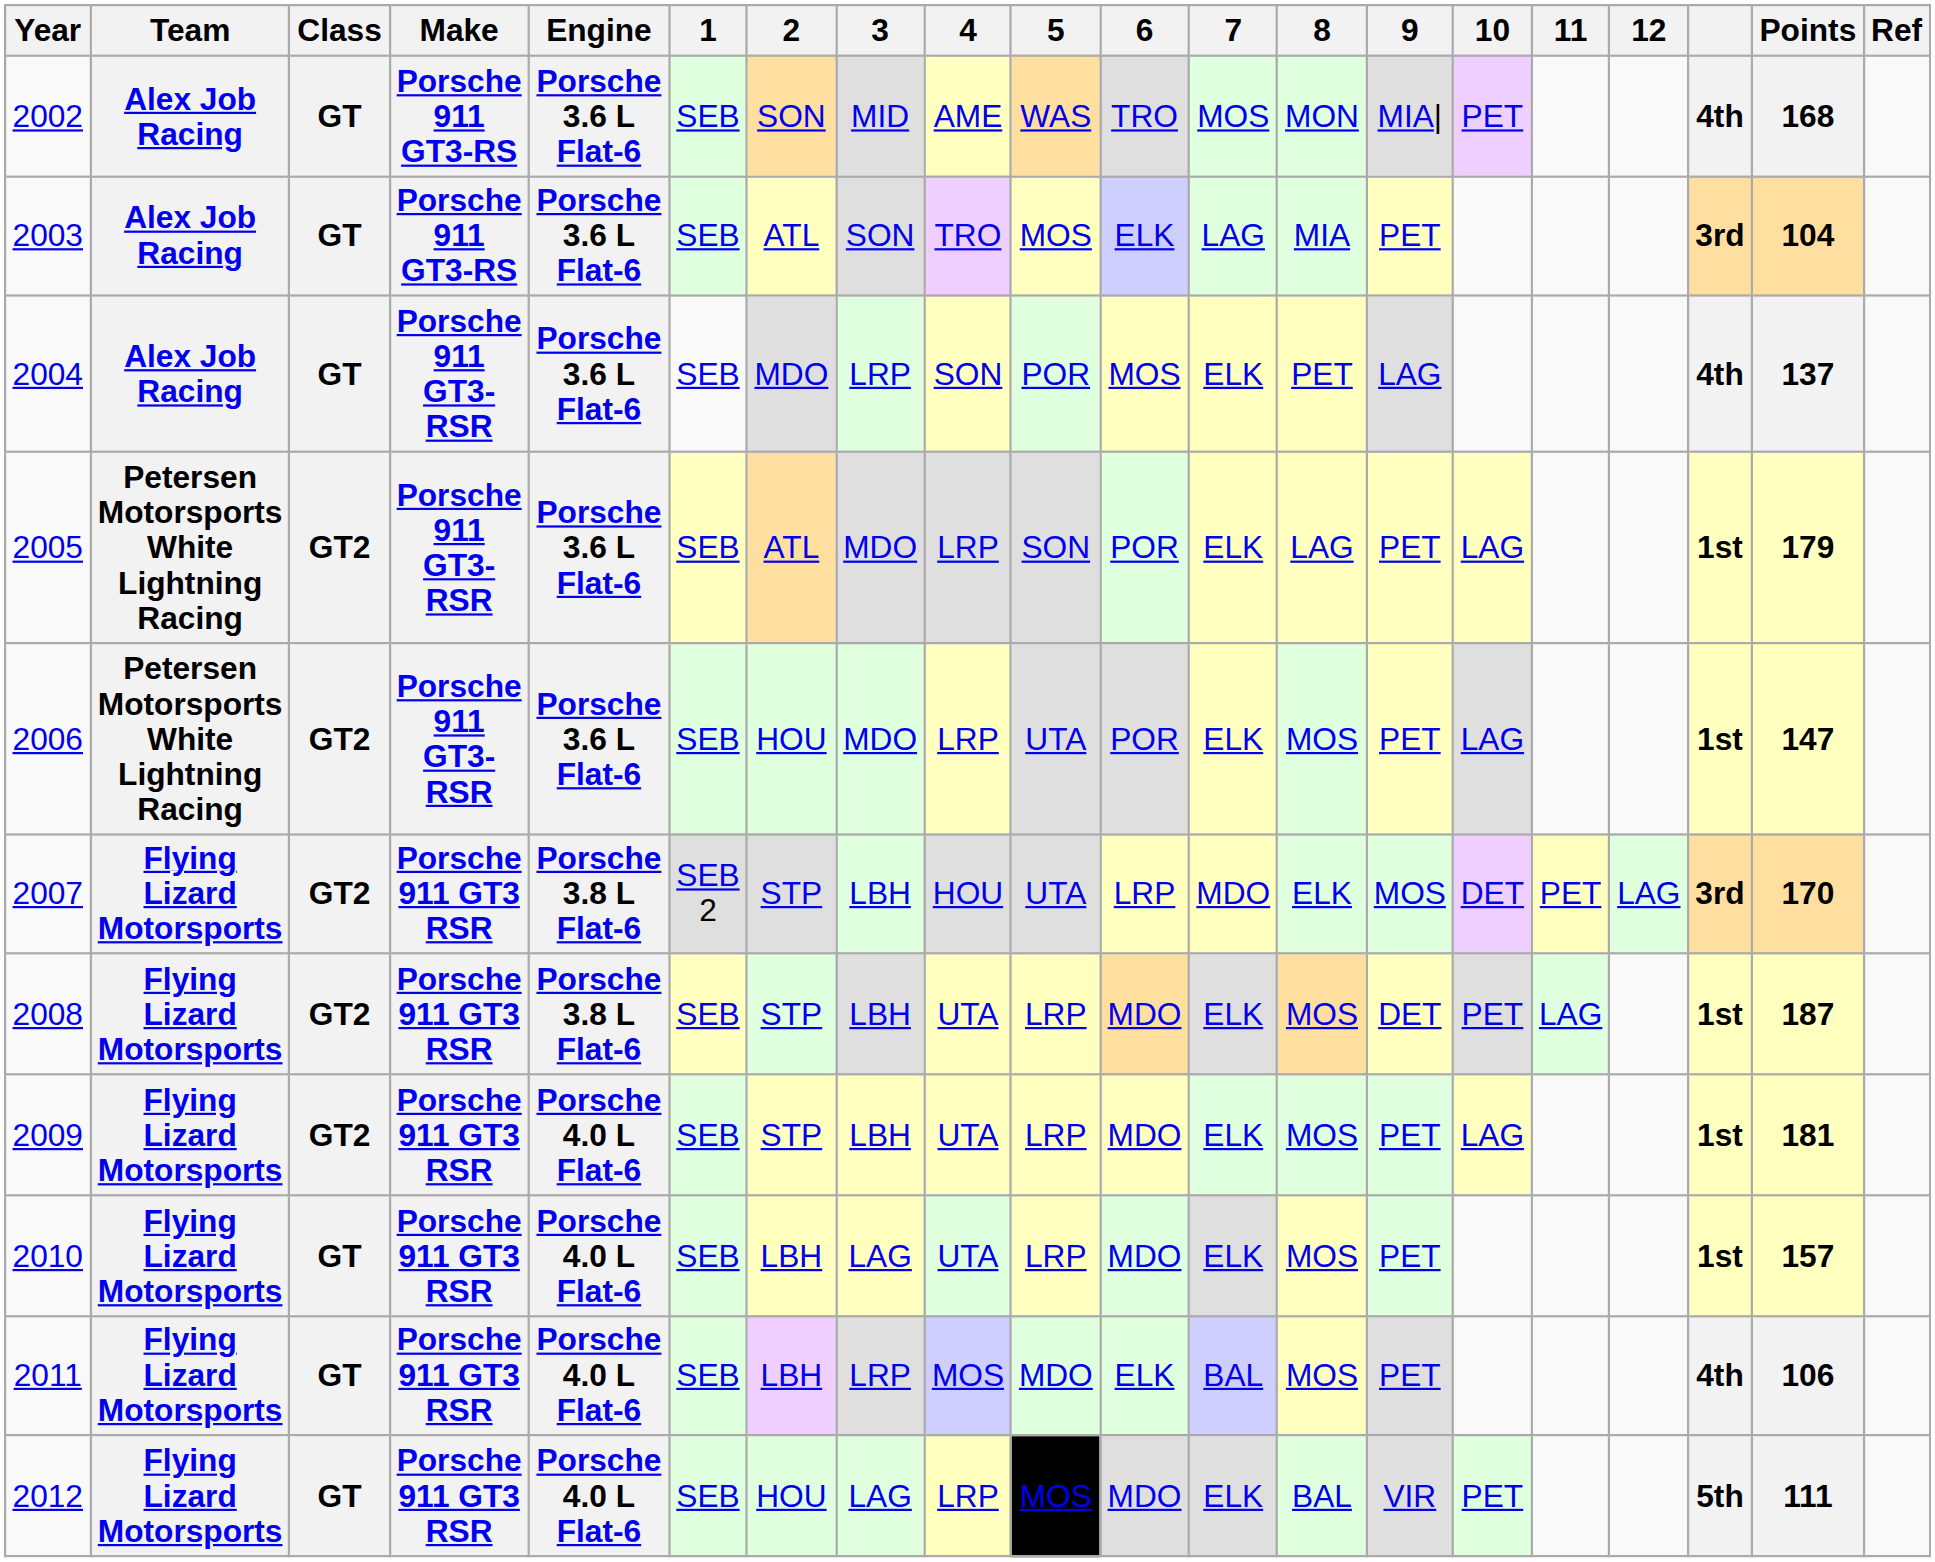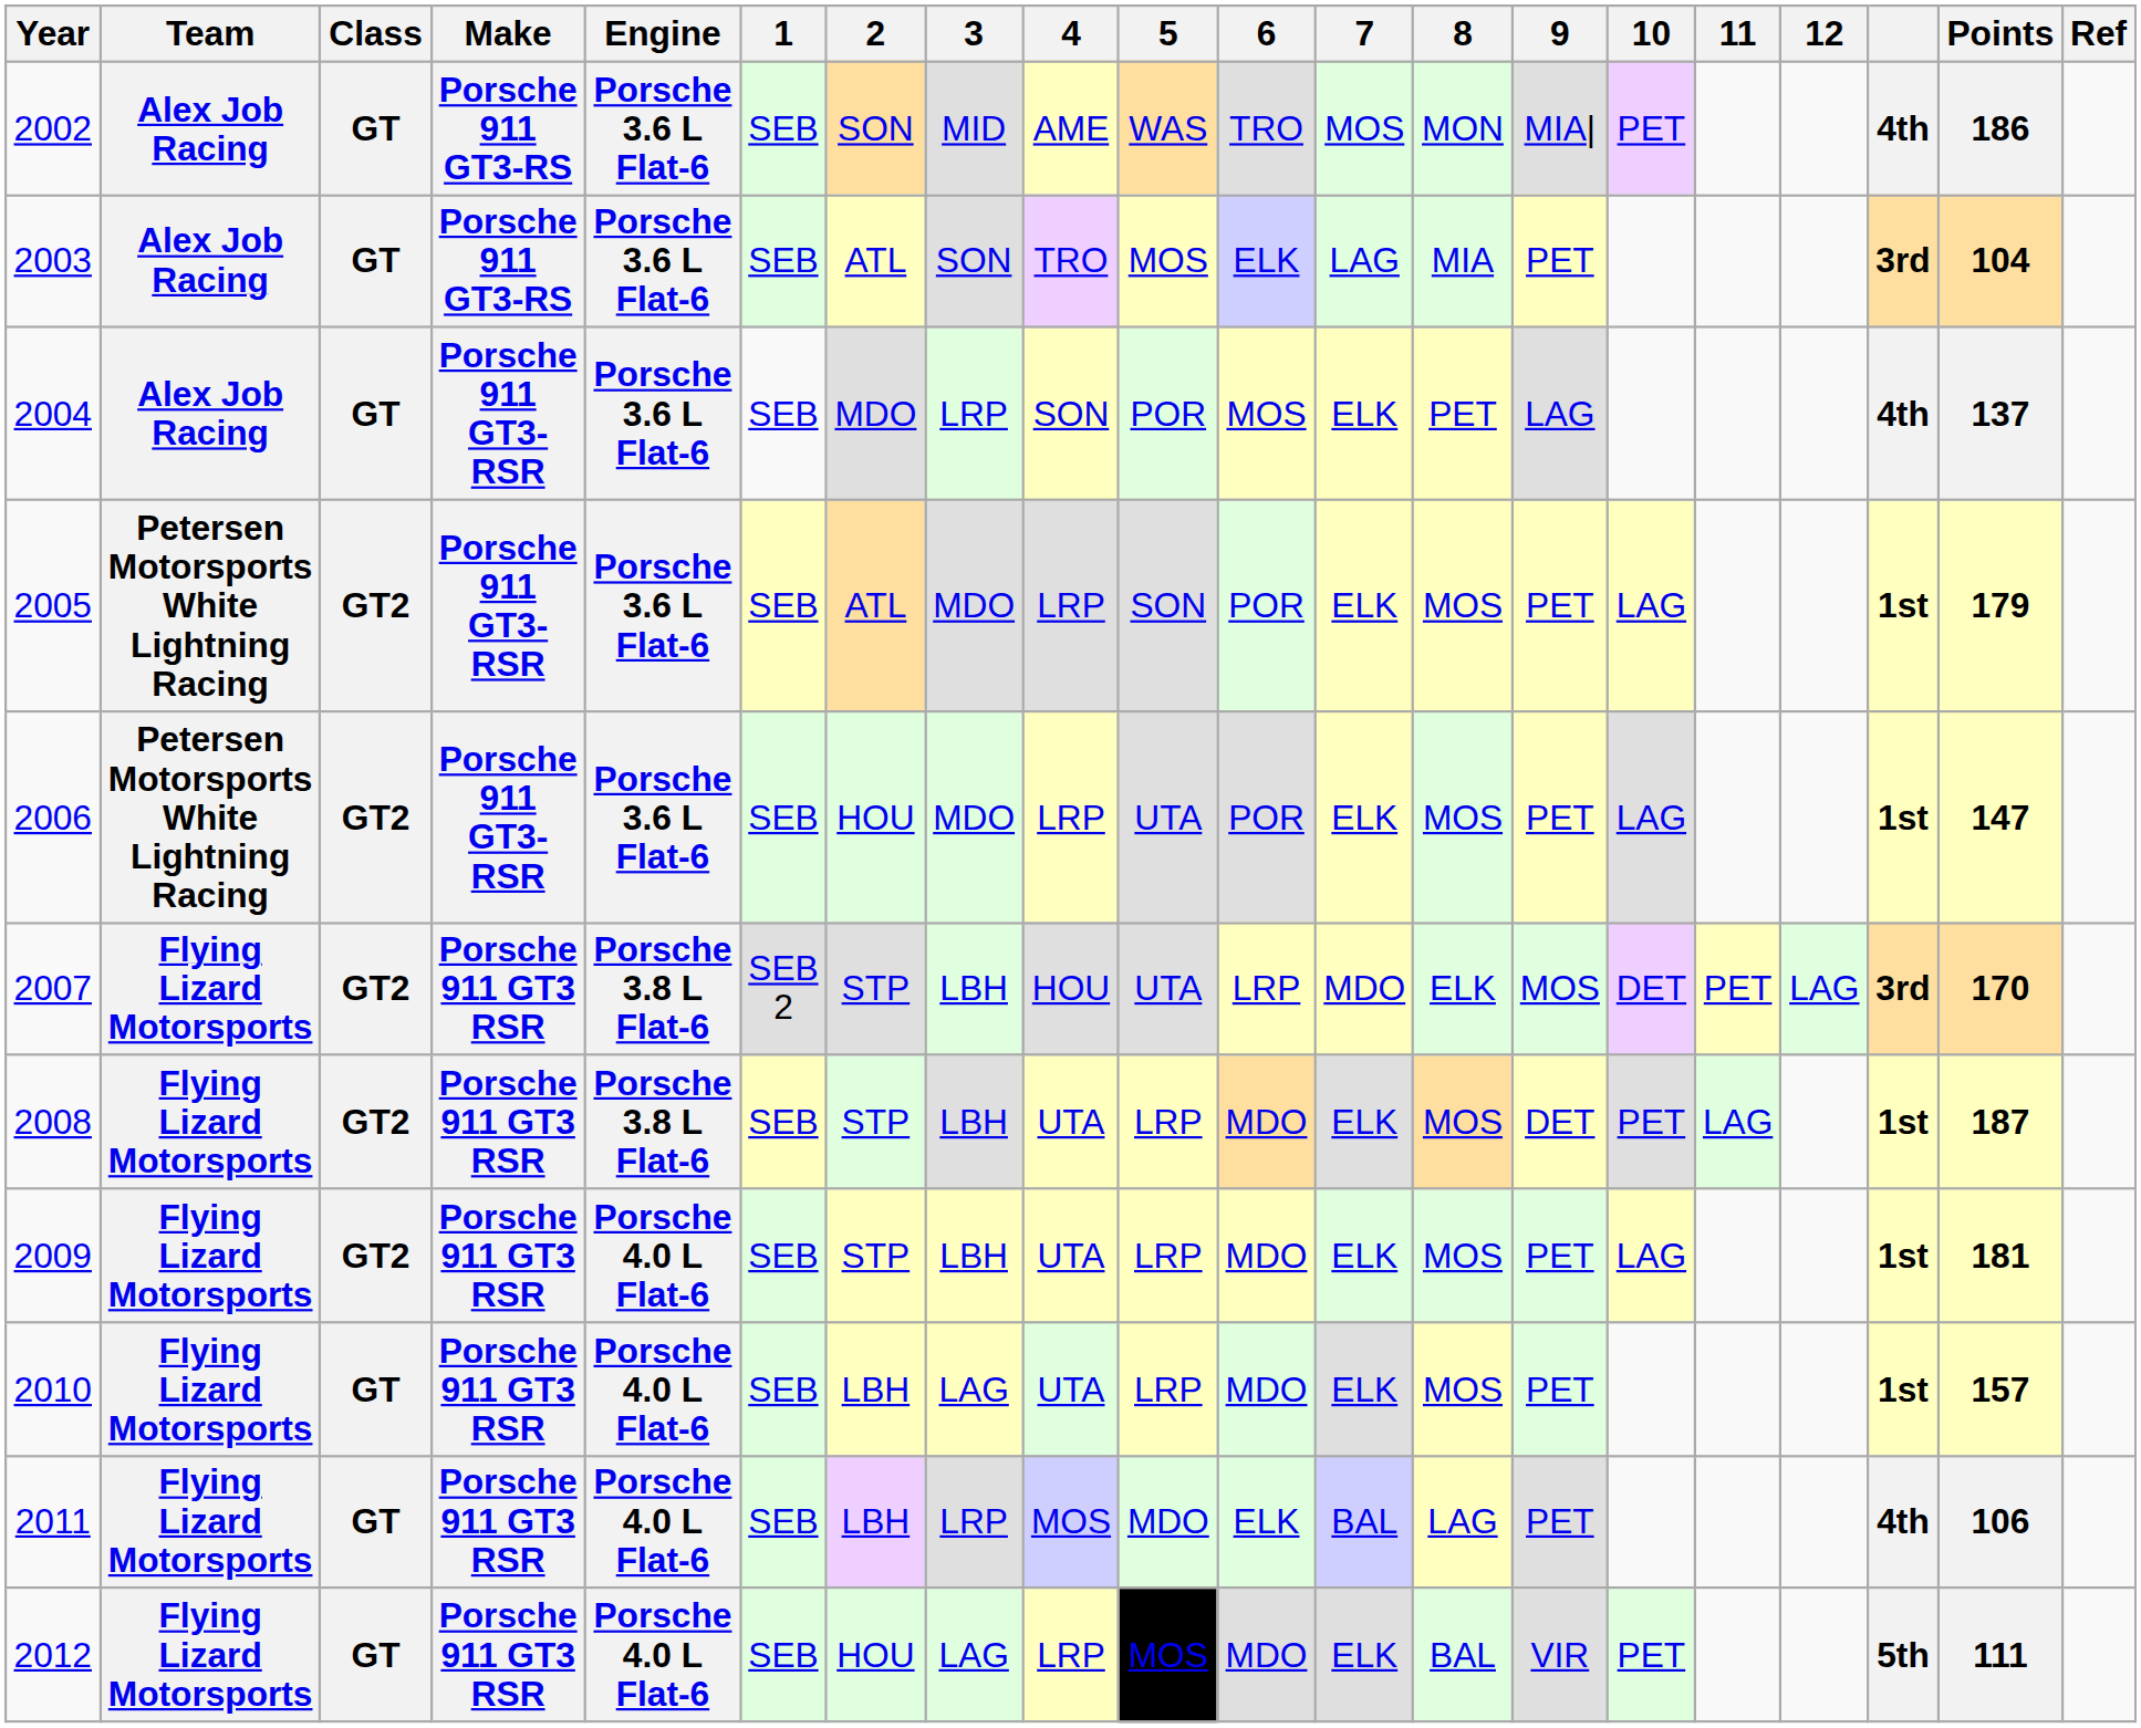 <table class="wikitable" style="text-align:center; font-size:90%">
 <tr>
 <th>Year</th>
 <th>Team</th>
 <th>Class</th>
 <th>Make</th>
 <th>Engine</th>
 <th>1</th>
 <th>2</th>
 <th>3</th>
 <th>4</th>
 <th>5</th>
 <th>6</th>
 <th>7</th>
 <th>8</th>
 <th>9</th>
 <th>10</th>
 <th>11</th>
 <th>12</th>
 <th></th>
 <th>Points</th>
 <th>Ref</th>
 </tr>
 <tr>
 <td><a href='#'>2002</a></td>
 <th><a href='#'>Alex Job Racing</a></th>
 <th>GT</th>
 <th><a href='#'>Porsche 911 GT3-RS</a></th>
 <th><a href='#'>Porsche</a> 3.6 L <a href='#'>Flat-6</a></th>
 <td style="background:#DFFFDF;"><a href='#'>SEB</a><br></td>
 <td style="background:#FFDF9F;”"><a href='#'>SON</a><br></td>
 <td style="background:#DFDFDF;”"><a href='#'>MID</a><br></td>
 <td style="background:#FFFFBF;”"><a href='#'>AME</a><br></td>
 <td style="background:#FFDF9F;”"><a href='#'>WAS</a><br></td>
 <td style="background:#DFDFDF;”"><a href='#'>TRO</a><br></td>
 <td style="background:#DFFFDF;"><a href='#'>MOS</a><br></td>
 <td style="background:#DFFFDF;"><a href='#'>MON</a><br></td>
 <td style="background:#DFDFDF;”"><a href='#'>MIA</a>|<br></td>
 <td style="background:#EFCFFF;"><a href='#'>PET</a><br></td>
 <td></td>
 <td></td>
 <th>4th</th>
-<th>168</th>
+<th>186</th>
 <td></td>
 </tr>
 <tr>
 <td><a href='#'>2003</a></td>
 <th><a href='#'>Alex Job Racing</a></th>
 <th>GT</th>
 <th><a href='#'>Porsche 911 GT3-RS</a></th>
 <th><a href='#'>Porsche</a> 3.6 L <a href='#'>Flat-6</a></th>
 <td style="background:#DFFFDF;"><a href='#'>SEB</a><br></td>
 <td style="background:#FFFFBF;”"><a href='#'>ATL</a><br></td>
 <td style="background:#DFDFDF;”"><a href='#'>SON</a><br></td>
 <td style="background:#EFCFFF;"><a href='#'>TRO</a><br></td>
 <td style="background:#FFFFBF;”"><a href='#'>MOS</a><br></td>
 <td style="background:#CFCFFF;”"><a href='#'>ELK</a><br></td>
 <td style="background:#DFFFDF;"><a href='#'>LAG</a><br></td>
 <td style="background:#DFFFDF;"><a href='#'>MIA</a><br></td>
 <td style="background:#FFFFBF;”"><a href='#'>PET</a><br></td>
 <td></td>
 <td></td>
 <td></td>
 <th style="background:#FFDF9F;”">3rd</th>
 <th style="background:#FFDF9F;”">104</th>
 <td></td>
 </tr>
 <tr>
 <td><a href='#'>2004</a></td>
 <th><a href='#'>Alex Job Racing</a></th>
 <th>GT</th>
 <th><a href='#'>Porsche 911 GT3-RSR</a></th>
 <th><a href='#'>Porsche</a> 3.6 L <a href='#'>Flat-6</a></th>
 <td><a href='#'>SEB</a></td>
 <td style="background:#DFDFDF;”"><a href='#'>MDO</a><br></td>
 <td style="background:#DFFFDF;"><a href='#'>LRP</a><br></td>
 <td style="background:#FFFFBF;”"><a href='#'>SON</a><br></td>
 <td style="background:#DFFFDF;"><a href='#'>POR</a><br></td>
 <td style="background:#FFFFBF;”"><a href='#'>MOS</a><br></td>
 <td style="background:#FFFFBF;”"><a href='#'>ELK</a><br></td>
 <td style="background:#FFFFBF;”"><a href='#'>PET</a><br></td>
 <td style="background:#DFDFDF;”"><a href='#'>LAG</a><br></td>
 <td></td>
 <td></td>
 <td></td>
 <th>4th</th>
 <th>137</th>
 <td></td>
 </tr>
 <tr>
 <td><a href='#'>2005</a></td>
 <th>Petersen Motorsports<br> White Lightning Racing</th>
 <th>GT2</th>
 <th><a href='#'>Porsche 911 GT3-RSR</a></th>
 <th><a href='#'>Porsche</a> 3.6 L <a href='#'>Flat-6</a></th>
 <td style="background:#FFFFBF;"><a href='#'>SEB</a><br></td>
 <td style="background:#FFDF9F;"><a href='#'>ATL</a><br></td>
 <td style="background:#DFDFDF;"><a href='#'>MDO</a><br></td>
 <td style="background:#DFDFDF;"><a href='#'>LRP</a><br></td>
 <td style="background:#DFDFDF;"><a href='#'>SON</a><br></td>
 <td style="background:#DFFFDF;"><a href='#'>POR</a><br></td>
 <td style="background:#FFFFBF;"><a href='#'>ELK</a><br></td>
-<td style="background:#FFFFBF;"><a href='#'>LAG</a><br></td>
+<td style="background:#FFFFBF;"><a href='#'>MOS</a><br></td>
 <td style="background:#FFFFBF;"><a href='#'>PET</a><br></td>
 <td style="background:#FFFFBF;"><a href='#'>LAG</a><br></td>
 <td></td>
 <td></td>
 <th style="background:#FFFFBF;”">1st</th>
 <th style="background:#FFFFBF;”">179</th>
 <td></td>
 </tr>
 <tr>
 <td><a href='#'>2006</a></td>
 <th>Petersen Motorsports<br> White Lightning Racing</th>
 <th>GT2</th>
 <th><a href='#'>Porsche 911 GT3-RSR</a></th>
 <th><a href='#'>Porsche</a> 3.6 L <a href='#'>Flat-6</a></th>
 <td style="background:#DFFFDF;"><a href='#'>SEB</a><br></td>
 <td style="background:#DFFFDF;"><a href='#'>HOU</a><br></td>
 <td style="background:#DFFFDF;"><a href='#'>MDO</a><br></td>
 <td style="background:#FFFFBF;”"><a href='#'>LRP</a><br></td>
 <td style="background:#DFDFDF;"><a href='#'>UTA</a><br></td>
 <td style="background:#DFDFDF;"><a href='#'>POR</a><br></td>
 <td style="background:#FFFFBF;"><a href='#'>ELK</a><br></td>
 <td style="background:#DFFFDF;"><a href='#'>MOS</a><br></td>
 <td style="background:#FFFFBF;"><a href='#'>PET</a><br></td>
 <td style="background:#DFDFDF;"><a href='#'>LAG</a><br></td>
 <td></td>
 <td></td>
 <th style="background:#FFFFBF;”">1st</th>
 <th style="background:#FFFFBF;”">147</th>
 <td></td>
 </tr>
 <tr>
 <td><a href='#'>2007</a></td>
 <th><a href='#'>Flying Lizard Motorsports</a></th>
 <th>GT2</th>
 <th><a href='#'>Porsche 911 GT3 RSR</a></th>
 <th><a href='#'>Porsche</a> 3.8 L <a href='#'>Flat-6</a></th>
 <td style="background:#DFDFDF;”"><a href='#'>SEB</a><br>2</td>
 <td style="background:#DFDFDF;”"><a href='#'>STP</a><br></td>
 <td style="background:#DFFFDF;"><a href='#'>LBH</a><br></td>
 <td style="background:#DFDFDF;”"><a href='#'>HOU</a><br></td>
 <td style="background:#DFDFDF;”"><a href='#'>UTA</a><br></td>
 <td style="background:#FFFFBF;”"><a href='#'>LRP</a><br></td>
 <td style="background:#FFFFBF;”"><a href='#'>MDO</a><br></td>
 <td style="background:#DFFFDF;"><a href='#'>ELK</a><br></td>
 <td style="background:#DFFFDF;"><a href='#'>MOS</a><br></td>
 <td style="background:#EFCFFF;"><a href='#'>DET</a><br></td>
 <td style="background:#FFFFBF;”"><a href='#'>PET</a><br></td>
 <td style="background:#DFFFDF;"><a href='#'>LAG</a><br></td>
 <th style="background:#FFDF9F;”">3rd</th>
 <th style="background:#FFDF9F;”">170</th>
 <td></td>
 </tr>
 <tr>
 <td><a href='#'>2008</a></td>
 <th><a href='#'>Flying Lizard Motorsports</a></th>
 <th>GT2</th>
 <th><a href='#'>Porsche 911 GT3 RSR</a></th>
 <th><a href='#'>Porsche</a> 3.8 L <a href='#'>Flat-6</a></th>
 <td style="background:#FFFFBF;”"><a href='#'>SEB</a><br></td>
 <td style="background:#DFFFDF;"><a href='#'>STP</a><br></td>
 <td style="background:#DFDFDF;”"><a href='#'>LBH</a><br></td>
 <td style="background:#FFFFBF;”"><a href='#'>UTA</a><br></td>
 <td style="background:#FFFFBF;”"><a href='#'>LRP</a><br></td>
 <td style="background:#FFDF9F;”"><a href='#'>MDO</a><br></td>
 <td style="background:#DFDFDF;”"><a href='#'>ELK</a><br></td>
 <td style="background:#FFDF9F;”"><a href='#'>MOS</a><br></td>
 <td style="background:#FFFFBF;”"><a href='#'>DET</a><br></td>
 <td style="background:#DFDFDF;”"><a href='#'>PET</a><br></td>
 <td style="background:#DFFFDF;"><a href='#'>LAG</a><br></td>
 <td></td>
 <th style="background:#FFFFBF;”">1st</th>
 <th style="background:#FFFFBF;”">187</th>
 <td></td>
 </tr>
 <tr>
 <td><a href='#'>2009</a></td>
 <th><a href='#'>Flying Lizard Motorsports</a></th>
 <th>GT2</th>
 <th><a href='#'>Porsche 911 GT3 RSR</a></th>
 <th><a href='#'>Porsche</a> 4.0 L <a href='#'>Flat-6</a></th>
 <td style="background:#DFFFDF;"><a href='#'>SEB</a><br></td>
 <td style="background:#FFFFBF;"><a href='#'>STP</a><br></td>
 <td style="background:#FFFFBF;"><a href='#'>LBH</a><br></td>
 <td style="background:#FFFFBF;"><a href='#'>UTA</a><br></td>
 <td style="background:#FFFFBF;"><a href='#'>LRP</a><br></td>
 <td style="background:#FFFFBF;"><a href='#'>MDO</a><br></td>
 <td style="background:#DFFFDF;"><a href='#'>ELK</a><br></td>
 <td style="background:#DFFFDF;"><a href='#'>MOS</a><br></td>
 <td style="background:#DFFFDF;"><a href='#'>PET</a><br></td>
 <td style="background:#FFFFBF;"><a href='#'>LAG</a><br></td>
 <td></td>
 <td></td>
 <th style="background:#FFFFBF;”">1st</th>
 <th style="background:#FFFFBF;”">181</th>
 <td></td>
 </tr>
 <tr>
 <td><a href='#'>2010</a></td>
 <th><a href='#'>Flying Lizard Motorsports</a></th>
 <th>GT</th>
 <th><a href='#'>Porsche 911 GT3 RSR</a></th>
 <th><a href='#'>Porsche</a> 4.0 L <a href='#'>Flat-6</a></th>
 <td style="background:#DFFFDF;"><a href='#'>SEB</a><br></td>
 <td style="background:#FFFFBF;"><a href='#'>LBH</a><br></td>
 <td style="background:#FFFFBF;"><a href='#'>LAG</a><br></td>
 <td style="background:#DFFFDF;"><a href='#'>UTA</a><br></td>
 <td style="background:#FFFFBF;"><a href='#'>LRP</a><br></td>
 <td style="background:#DFFFDF;"><a href='#'>MDO</a><br></td>
 <td style="background:#DFDFDF;"><a href='#'>ELK</a><br></td>
 <td style="background:#FFFFBF;"><a href='#'>MOS</a><br></td>
 <td style="background:#DFFFDF;"><a href='#'>PET</a><br></td>
 <td></td>
 <td></td>
 <td></td>
 <th style="background:#FFFFBF;”">1st</th>
 <th style="background:#FFFFBF;”">157</th>
 <td></td>
 </tr>
 <tr>
 <td><a href='#'>2011</a></td>
 <th><a href='#'>Flying Lizard Motorsports</a></th>
 <th>GT</th>
 <th><a href='#'>Porsche 911 GT3 RSR</a></th>
 <th><a href='#'>Porsche</a> 4.0 L <a href='#'>Flat-6</a></th>
 <td style="background:#DFFFDF;"><a href='#'>SEB</a><br></td>
 <td style="background:#EFCFFF;"><a href='#'>LBH</a><br></td>
 <td style="background:#DFDFDF;"><a href='#'>LRP</a><br></td>
 <td style="background:#CFCFFF;"><a href='#'>MOS</a><br></td>
 <td style="background:#DFFFDF;"><a href='#'>MDO</a><br></td>
 <td style="background:#DFFFDF;"><a href='#'>ELK</a><br></td>
 <td style="background:#CFCFFF;"><a href='#'>BAL</a><br></td>
-<td style="background:#FFFFBF;"><a href='#'>MOS</a><br></td>
+<td style="background:#FFFFBF;"><a href='#'>LAG</a><br></td>
 <td style="background:#DFDFDF;"><a href='#'>PET</a><br></td>
 <td></td>
 <td></td>
 <td></td>
 <th>4th</th>
 <th>106</th>
 <td></td>
 </tr>
 <tr>
 <td><a href='#'>2012</a></td>
 <th><a href='#'>Flying Lizard Motorsports</a></th>
 <th>GT</th>
 <th><a href='#'>Porsche 911 GT3 RSR</a></th>
 <th><a href='#'>Porsche</a> 4.0 L <a href='#'>Flat-6</a></th>
 <td style="background:#DFFFDF;"><a href='#'>SEB</a><br></td>
 <td style="background:#DFFFDF;"><a href='#'>HOU</a><br></td>
 <td style="background:#DFFFDF;"><a href='#'>LAG</a><br></td>
 <td style="background:#FFFFBF;"><a href='#'>LRP</a><br></td>
 <td style="background-color:#000000; color:white"><a href='#'><span>MOS</span></a><br></td>
 <td style="background:#DFDFDF;"><a href='#'>MDO</a><br></td>
 <td style="background:#DFDFDF;"><a href='#'>ELK</a><br></td>
 <td style="background:#DFFFDF;"><a href='#'>BAL</a><br></td>
 <td style="background:#DFDFDF;"><a href='#'>VIR</a><br></td>
 <td style="background:#DFFFDF;"><a href='#'>PET</a><br></td>
 <td></td>
 <td></td>
 <th>5th</th>
 <th>111</th>
 <td></td>
 </tr>
 </table>
